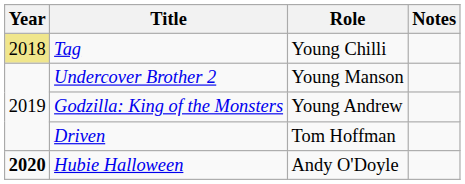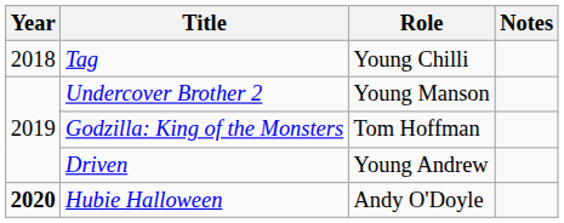 <table class="wikitable sortable">
 <tr>
 <th>Year</th>
 <th>Title</th>
 <th>Role</th>
 <th>Notes</th>
 </tr>
 <tr>
-<td style="background: khaki;">2018</td>
+<td>2018</td>
 <td><em><a href='#'>Tag</a></em></td>
 <td>Young Chilli</td>
 <td></td>
 </tr>
 <tr>
 <td rowspan="3">2019</td>
 <td><em><a href='#'>Undercover Brother 2</a></em></td>
 <td>Young Manson</td>
 <td></td>
 </tr>
 <tr>
 <td><em><a href='#'>Godzilla: King of the Monsters</a></em></td>
-<td>Young Andrew</td>
+<td>Tom Hoffman</td>
 <td></td>
 </tr>
 <tr>
 <td><em><a href='#'>Driven</a></em></td>
-<td>Tom Hoffman</td>
+<td>Young Andrew</td>
 <td></td>
 </tr>
 <tr>
 <td><strong>2020</strong></td>
 <td><em><a href='#'>Hubie Halloween</a></em></td>
 <td>Andy O'Doyle</td>
 <td></td>
 </tr>
 </table>
